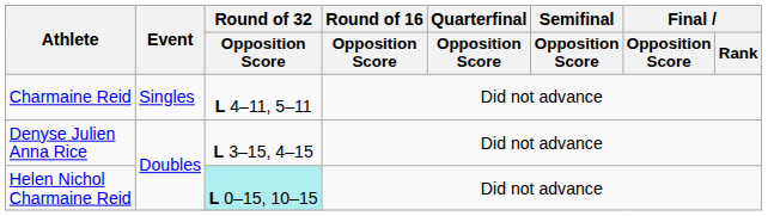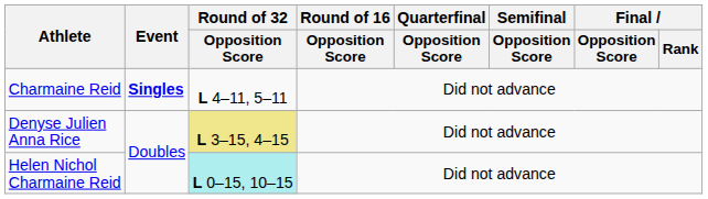 <table class=wikitable style="font-size:90%">
 <tr>
 <th rowspan="2">Athlete</th>
 <th rowspan="2">Event</th>
 <th>Round of 32</th>
 <th>Round of 16</th>
 <th>Quarterfinal</th>
 <th>Semifinal</th>
 <th colspan=2>Final / </th>
 </tr>
 <tr style="font-size:95%">
 <th>Opposition<br>Score</th>
 <th>Opposition<br>Score</th>
 <th>Opposition<br>Score</th>
 <th>Opposition<br>Score</th>
 <th>Opposition<br>Score</th>
 <th>Rank</th>
 </tr>
 <tr align=center>
 <td align=left><a href='#'>Charmaine Reid</a></td>
-<td align=left><a href='#'>Singles</a></td>
+<td align=left><strong><a href='#'>Singles</a></strong></td>
 <td><br><strong>L</strong> 4–11, 5–11</td>
 <td colspan=5>Did not advance</td>
 </tr>
 <tr align=center>
 <td align=left><a href='#'>Denyse Julien</a><br><a href='#'>Anna Rice</a></td>
 <td align=left rowspan=2><a href='#'>Doubles</a></td>
-<td><br><strong>L</strong> 3–15, 4–15</td>
+<td style="background: khaki;"><br><strong>L</strong> 3–15, 4–15</td>
 <td colspan=5>Did not advance</td>
 </tr>
 <tr align=center>
 <td align=left><a href='#'>Helen Nichol</a><br><a href='#'>Charmaine Reid</a></td>
 <td style="background: paleturquoise;"><br><strong>L</strong> 0–15, 10–15</td>
 <td colspan=5>Did not advance</td>
 </tr>
 </table>
